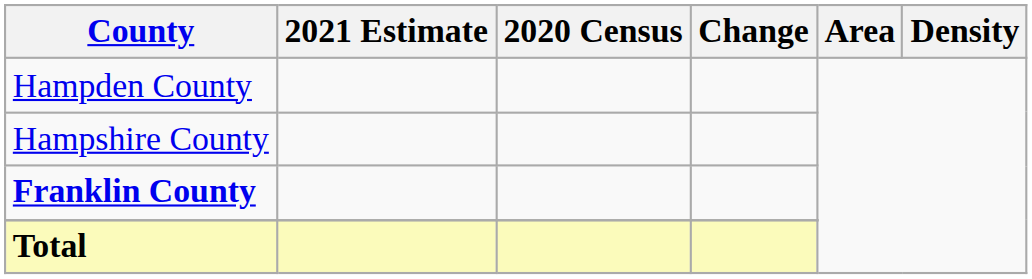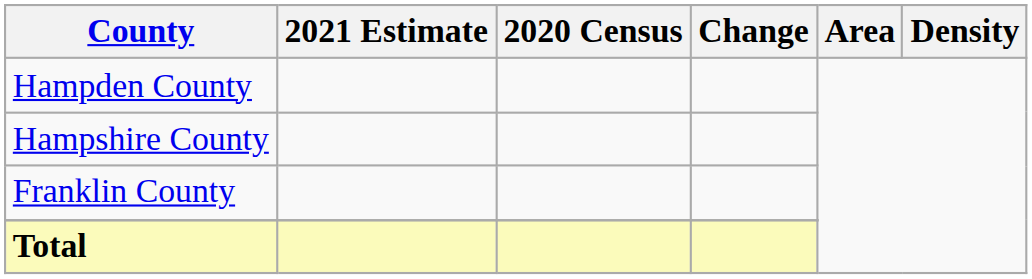 <table class="wikitable sortable">
 <tr>
 <th><a href='#'>County</a></th>
 <th>2021 Estimate</th>
 <th>2020 Census</th>
 <th>Change</th>
 <th>Area</th>
 <th>Density</th>
 </tr>
 <tr>
 <td><a href='#'>Hampden County</a></td>
 <td></td>
 <td></td>
 <td></td>
 </tr>
 <tr>
 <td><a href='#'>Hampshire County</a></td>
 <td></td>
 <td></td>
 <td></td>
 </tr>
 <tr>
-<td><strong><a href='#'>Franklin County</a></strong></td>
+<td><a href='#'>Franklin County</a></td>
 <td></td>
 <td></td>
 <td></td>
 </tr>
 <tr>
 </tr>
 <tr class=sortbottom style="background:#fbfbbb">
 <td><strong>Total</strong></td>
 <td></td>
 <td></td>
 <td></td>
 </tr>
 </table>
